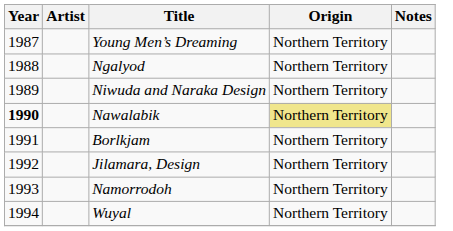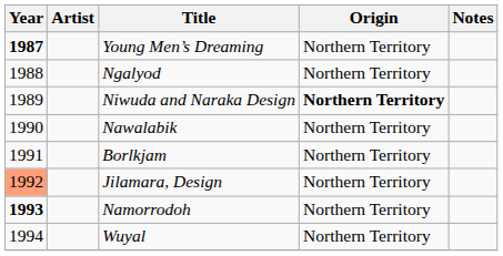 <table class="wikitable sortable">
 <tr>
 <th>Year</th>
 <th>Artist</th>
 <th>Title</th>
 <th>Origin</th>
 <th>Notes</th>
 </tr>
 <tr>
-<td>1987</td>
+<td><strong>1987</strong></td>
 <td></td>
 <td><em>Young Men’s Dreaming</em></td>
 <td>Northern Territory</td>
 <td></td>
 </tr>
 <tr>
 <td>1988</td>
 <td></td>
 <td><em>Ngalyod</em></td>
 <td>Northern Territory</td>
 <td></td>
 </tr>
 <tr>
 <td>1989</td>
 <td></td>
 <td><em>Niwuda and Naraka Design</em></td>
-<td>Northern Territory</td>
+<td><strong>Northern Territory</strong></td>
 <td></td>
 </tr>
 <tr>
-<td><strong>1990</strong></td>
+<td>1990</td>
 <td></td>
 <td><em>Nawalabik</em></td>
-<td style="background: khaki;">Northern Territory</td>
+<td>Northern Territory</td>
 <td></td>
 </tr>
 <tr>
 <td>1991</td>
 <td></td>
 <td><em>Borlkjam</em></td>
 <td>Northern Territory</td>
 <td></td>
 </tr>
 <tr>
-<td>1992</td>
+<td style="background: lightsalmon;">1992</td>
 <td></td>
 <td><em>Jilamara, Design</em></td>
 <td>Northern Territory</td>
 <td></td>
 </tr>
 <tr>
-<td>1993</td>
+<td><strong>1993</strong></td>
 <td></td>
 <td><em>Namorrodoh</em></td>
 <td>Northern Territory</td>
 <td></td>
 </tr>
 <tr>
 <td>1994</td>
 <td></td>
 <td><em>Wuyal</em></td>
 <td>Northern Territory</td>
 <td></td>
 </tr>
 <tr>
 </tr>
 </table>
